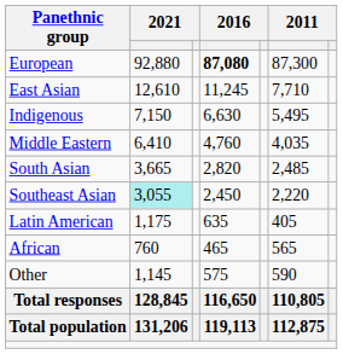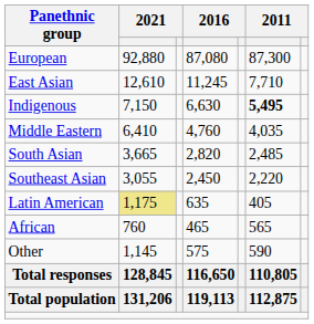 <table class="wikitable collapsible sortable">
 <tr>
 <th rowspan="2"><a href='#'>Panethnic</a><br>group</th>
 <th colspan="2">2021</th>
 <th colspan="2">2016</th>
 <th colspan="2">2011</th>
 </tr>
 <tr>
 <th><a href='#'></a></th>
 <th></th>
 <th></th>
 <th></th>
 <th></th>
 <th></th>
 </tr>
 <tr>
 <td><a href='#'>European</a></td>
 <td>92,880</td>
 <td></td>
-<td><strong>87,080</strong></td>
+<td>87,080</td>
 <td></td>
 <td>87,300</td>
 <td></td>
 </tr>
 <tr>
 <td><a href='#'>East Asian</a></td>
 <td>12,610</td>
 <td></td>
 <td>11,245</td>
 <td></td>
 <td>7,710</td>
 <td></td>
 </tr>
 <tr>
 <td><a href='#'>Indigenous</a></td>
 <td>7,150</td>
 <td></td>
 <td>6,630</td>
 <td></td>
-<td>5,495</td>
+<td><strong>5,495</strong></td>
 <td></td>
 </tr>
 <tr>
 <td><a href='#'>Middle Eastern</a></td>
 <td>6,410</td>
 <td></td>
 <td>4,760</td>
 <td></td>
 <td>4,035</td>
 <td></td>
 </tr>
 <tr>
 <td><a href='#'>South Asian</a></td>
 <td>3,665</td>
 <td></td>
 <td>2,820</td>
 <td></td>
 <td>2,485</td>
 <td></td>
 </tr>
 <tr>
 <td><a href='#'>Southeast Asian</a></td>
-<td style="background: paleturquoise;">3,055</td>
+<td>3,055</td>
 <td></td>
 <td>2,450</td>
 <td></td>
 <td>2,220</td>
 <td></td>
 </tr>
 <tr>
 <td><a href='#'>Latin American</a></td>
-<td>1,175</td>
+<td style="background: khaki;">1,175</td>
 <td></td>
 <td>635</td>
 <td></td>
 <td>405</td>
 <td></td>
 </tr>
 <tr>
 <td><a href='#'>African</a></td>
 <td>760</td>
 <td></td>
 <td>465</td>
 <td></td>
 <td>565</td>
 <td></td>
 </tr>
 <tr>
 <td>Other</td>
 <td>1,145</td>
 <td></td>
 <td>575</td>
 <td></td>
 <td>590</td>
 <td></td>
 </tr>
 <tr>
 <th>Total responses</th>
 <th>128,845</th>
 <th></th>
 <th>116,650</th>
 <th></th>
 <th>110,805</th>
 <th></th>
 </tr>
 <tr>
 <th>Total population</th>
 <th>131,206</th>
 <th></th>
 <th>119,113</th>
 <th></th>
 <th>112,875</th>
 <th></th>
 </tr>
 <tr class="sortbottom">
 <td colspan="15"></td>
 </tr>
 </table>
